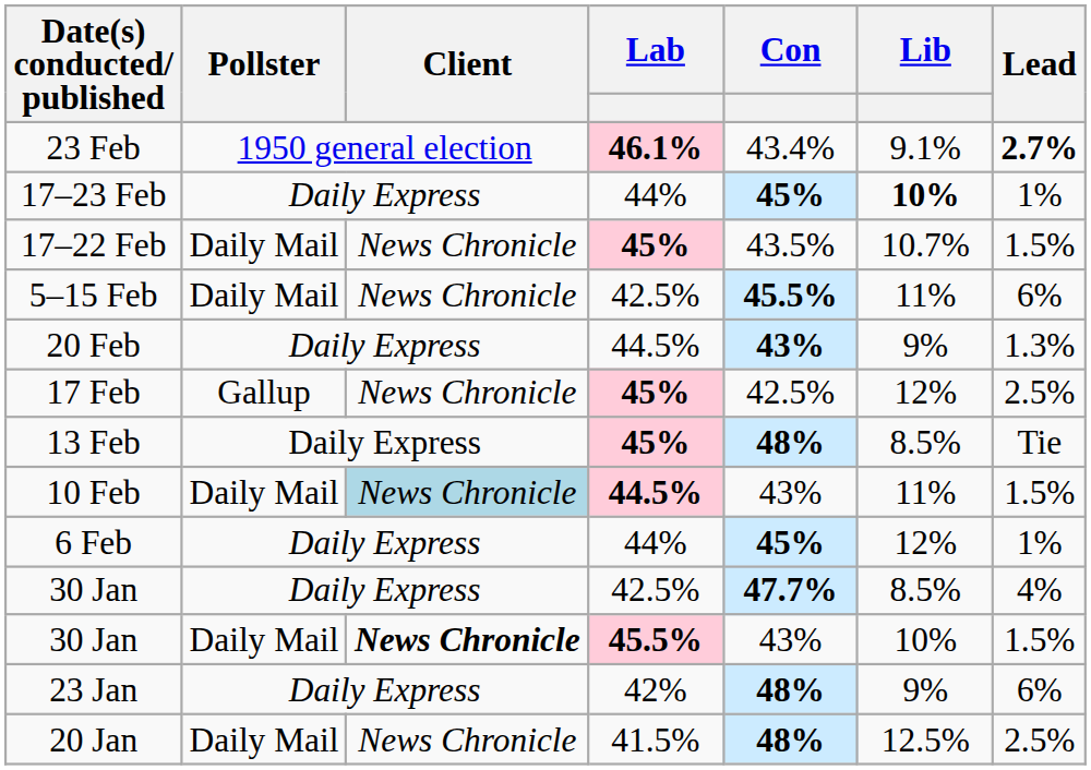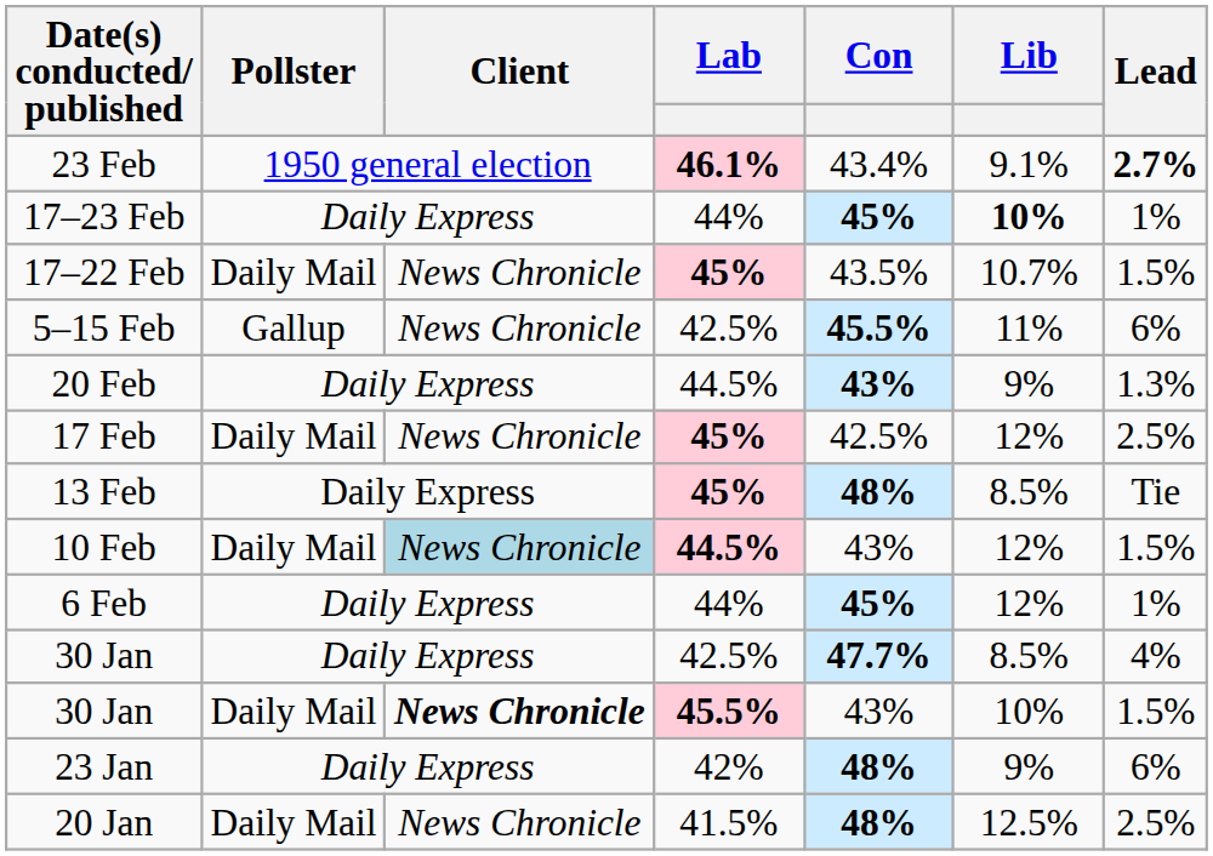 <table class="wikitable sortable mw-datatable" style="text-align:center;font-size:90%;line-height:14px;">
 <tr>
 <th rowspan="2">Date(s)<br>conducted/<br>published</th>
 <th rowspan="2">Pollster</th>
 <th rowspan="2">Client</th>
 <th class="unsortable" style="width:50px;"><a href='#'>Lab</a></th>
 <th class="unsortable" style="width:50px;"><a href='#'>Con</a></th>
 <th class="unsortable" style="width:50px;"><a href='#'>Lib</a></th>
 <th rowspan="2">Lead</th>
 </tr>
 <tr>
 <th style="background:"></th>
 <th style="background:"></th>
 <th style="background:"></th>
 </tr>
 <tr>
 <td>23 Feb</td>
 <td colspan="2"><a href='#'>1950 general election</a></td>
 <td style="background:#FFCCDA;"><strong>46.1%</strong></td>
 <td>43.4%</td>
 <td>9.1%</td>
 <td style="background:"><strong>2.7%</strong></td>
 </tr>
 <tr>
 <td>17–23 Feb</td>
 <td colspan="2"><em>Daily Express</em></td>
 <td>44%</td>
 <td style="background:#CCEBFF;"><strong>45%</strong></td>
 <td><strong>10%</strong></td>
 <td style="background:">1%</td>
 </tr>
 <tr>
 <td>17–22 Feb</td>
 <td>Daily Mail</td>
 <td><em>News Chronicle</em></td>
 <td style="background:#FFCCDA;"><strong>45%</strong></td>
 <td>43.5%</td>
 <td>10.7%</td>
 <td style="background:">1.5%</td>
 </tr>
 <tr>
 <td>5–15 Feb</td>
-<td>Daily Mail</td>
+<td>Gallup</td>
 <td><em>News Chronicle</em></td>
 <td>42.5%</td>
 <td style="background:#CCEBFF;"><strong>45.5%</strong></td>
 <td>11%</td>
 <td style="background:">6%</td>
 </tr>
 <tr>
 <td>20 Feb</td>
 <td colspan="2"><em>Daily Express</em></td>
 <td>44.5%</td>
 <td style="background:#CCEBFF;"><strong>43%</strong></td>
 <td>9%</td>
 <td style="background:">1.3%</td>
 </tr>
 <tr>
 <td>17 Feb</td>
-<td>Gallup</td>
+<td>Daily Mail</td>
 <td><em>News Chronicle</em></td>
 <td style="background:#FFCCDA;"><strong>45%</strong></td>
 <td>42.5%</td>
 <td>12%</td>
 <td style="background:">2.5%</td>
 </tr>
 <tr>
 <td>13 Feb</td>
 <td colspan="2">Daily Express</td>
 <td style="background:#FFCCDA;"><strong>45%</strong></td>
 <td style="background:#CCEBFF;"><strong>48%</strong></td>
 <td>8.5%</td>
 <td>Tie</td>
 </tr>
 <tr>
 <td>10 Feb</td>
 <td>Daily Mail</td>
 <td style="background: lightblue;"><em>News Chronicle</em></td>
 <td style="background:#FFCCDA;"><strong>44.5%</strong></td>
 <td>43%</td>
-<td>11%</td>
+<td>12%</td>
 <td style="background:">1.5%</td>
 </tr>
 <tr>
 <td>6 Feb</td>
 <td colspan="2"><em>Daily Express</em></td>
 <td>44%</td>
 <td style="background:#CCEBFF;"><strong>45%</strong></td>
 <td>12%</td>
 <td style="background:">1%</td>
 </tr>
 <tr>
 <td>30 Jan</td>
 <td colspan="2"><em>Daily Express</em></td>
 <td>42.5%</td>
 <td style="background:#CCEBFF;"><strong>47.7%</strong></td>
 <td>8.5%</td>
 <td style="background:">4%</td>
 </tr>
 <tr>
 <td>30 Jan</td>
 <td>Daily Mail</td>
 <td><strong><em>News Chronicle</em></strong></td>
 <td style="background:#FFCCDA;"><strong>45.5%</strong></td>
 <td>43%</td>
 <td>10%</td>
 <td style="background:">1.5%</td>
 </tr>
 <tr>
 <td>23 Jan</td>
 <td colspan="2"><em>Daily Express</em></td>
 <td>42%</td>
 <td style="background:#CCEBFF;"><strong>48%</strong></td>
 <td>9%</td>
 <td style="background:">6%</td>
 </tr>
 <tr>
 <td>20 Jan</td>
 <td>Daily Mail</td>
 <td><em>News Chronicle</em></td>
 <td>41.5%</td>
 <td style="background:#CCEBFF;"><strong>48%</strong></td>
 <td>12.5%</td>
 <td style="background:">2.5%</td>
 </tr>
 </table>
